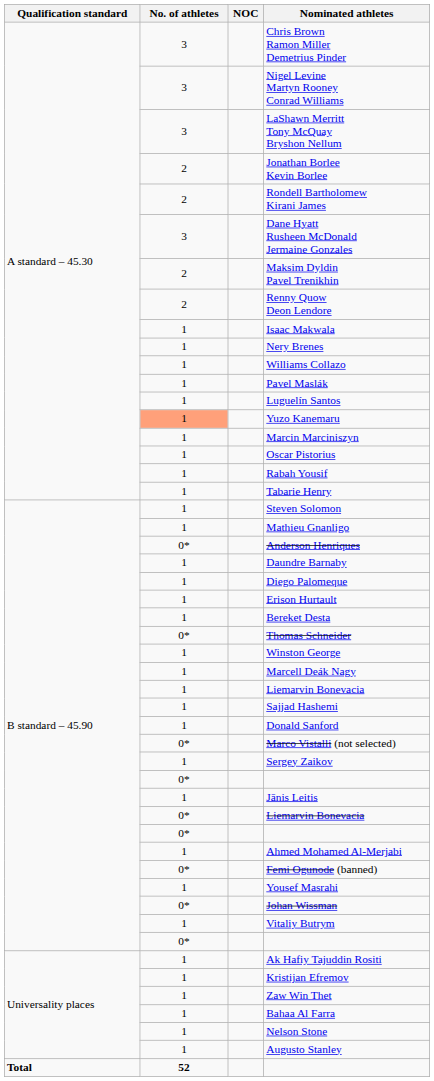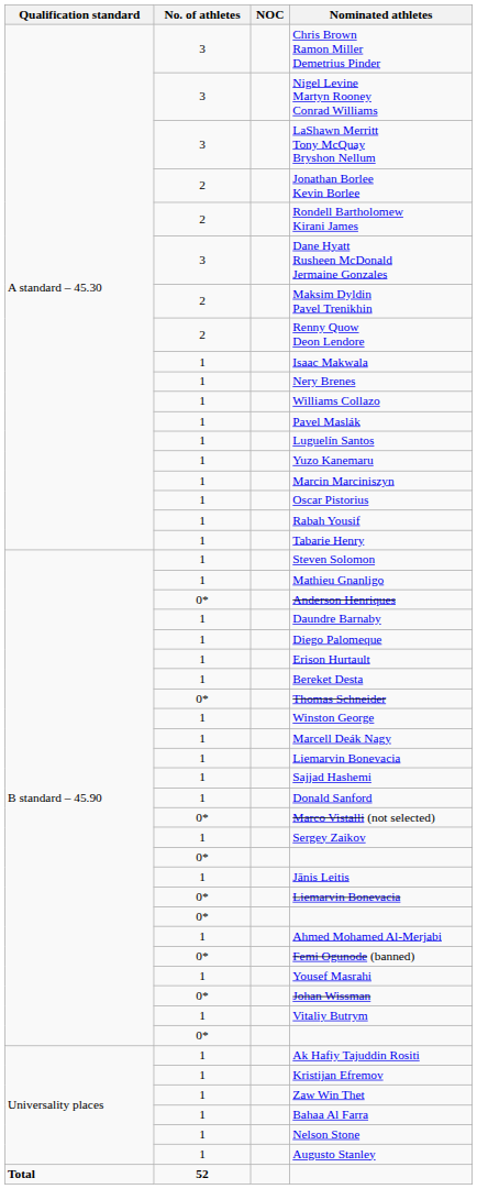 <table class="wikitable"  style="text-align:left; width:600px;">
 <tr>
 <th>Qualification standard</th>
 <th>No. of athletes</th>
 <th>NOC</th>
 <th>Nominated athletes</th>
 </tr>
 <tr>
 <td rowspan="18">A standard – 45.30</td>
 <td align=center>3</td>
 <td></td>
 <td><a href='#'>Chris Brown</a><br><a href='#'>Ramon Miller</a><br><a href='#'>Demetrius Pinder</a></td>
 </tr>
 <tr>
 <td align=center>3</td>
 <td></td>
 <td><a href='#'>Nigel Levine</a><br><a href='#'>Martyn Rooney</a><br><a href='#'>Conrad Williams</a></td>
 </tr>
 <tr>
 <td align=center>3</td>
 <td></td>
 <td><a href='#'>LaShawn Merritt</a> <br> <a href='#'>Tony McQuay</a> <br> <a href='#'>Bryshon Nellum</a></td>
 </tr>
 <tr>
 <td align=center>2</td>
 <td></td>
 <td><a href='#'>Jonathan Borlee</a><br><a href='#'>Kevin Borlee</a></td>
 </tr>
 <tr>
 <td align=center>2</td>
 <td></td>
 <td><a href='#'>Rondell Bartholomew</a><br><a href='#'>Kirani James</a></td>
 </tr>
 <tr>
 <td align=center>3</td>
 <td></td>
 <td><a href='#'>Dane Hyatt</a> <br> <a href='#'>Rusheen McDonald</a> <br> <a href='#'>Jermaine Gonzales</a></td>
 </tr>
 <tr>
 <td align=center>2</td>
 <td></td>
 <td><a href='#'>Maksim Dyldin</a><br><a href='#'>Pavel Trenikhin</a></td>
 </tr>
 <tr>
 <td align=center>2</td>
 <td></td>
 <td><a href='#'>Renny Quow</a><br><a href='#'>Deon Lendore</a></td>
 </tr>
 <tr>
 <td align=center>1</td>
 <td></td>
 <td><a href='#'>Isaac Makwala</a></td>
 </tr>
 <tr>
 <td align=center>1</td>
 <td></td>
 <td><a href='#'>Nery Brenes</a></td>
 </tr>
 <tr>
 <td align=center>1</td>
 <td></td>
 <td><a href='#'>Williams Collazo</a></td>
 </tr>
 <tr>
 <td align=center>1</td>
 <td></td>
 <td><a href='#'>Pavel Maslák</a></td>
 </tr>
 <tr>
 <td align=center>1</td>
 <td></td>
 <td><a href='#'>Luguelín Santos</a></td>
 </tr>
 <tr>
-<td align=center style="background: lightsalmon;">1</td>
+<td align=center>1</td>
 <td></td>
 <td><a href='#'>Yuzo Kanemaru</a></td>
 </tr>
 <tr>
 <td align=center>1</td>
 <td></td>
 <td><a href='#'>Marcin Marciniszyn</a></td>
 </tr>
 <tr>
 <td align=center>1</td>
 <td></td>
 <td><a href='#'>Oscar Pistorius</a></td>
 </tr>
 <tr>
 <td align=center>1</td>
 <td></td>
 <td><a href='#'>Rabah Yousif</a></td>
 </tr>
 <tr>
 <td align=center>1</td>
 <td></td>
 <td><a href='#'>Tabarie Henry</a></td>
 </tr>
 <tr>
 <td rowspan="25">B standard – 45.90</td>
 <td align=center>1</td>
 <td></td>
 <td><a href='#'>Steven Solomon</a></td>
 </tr>
 <tr>
 <td align=center>1</td>
 <td></td>
 <td><a href='#'>Mathieu Gnanligo</a></td>
 </tr>
 <tr>
 <td align=center>0*</td>
 <td></td>
 <td><s><a href='#'>Anderson Henriques</a></s></td>
 </tr>
 <tr>
 <td align=center>1</td>
 <td></td>
 <td><a href='#'>Daundre Barnaby</a></td>
 </tr>
 <tr>
 <td align=center>1</td>
 <td></td>
 <td><a href='#'>Diego Palomeque</a></td>
 </tr>
 <tr>
 <td align=center>1</td>
 <td></td>
 <td><a href='#'>Erison Hurtault</a></td>
 </tr>
 <tr>
 <td align=center>1</td>
 <td></td>
 <td><a href='#'>Bereket Desta</a></td>
 </tr>
 <tr>
 <td align=center>0*</td>
 <td></td>
 <td><s><a href='#'>Thomas Schneider</a></s></td>
 </tr>
 <tr>
 <td align=center>1</td>
 <td></td>
 <td><a href='#'>Winston George</a></td>
 </tr>
 <tr>
 <td align=center>1</td>
 <td></td>
 <td><a href='#'>Marcell Deák Nagy</a></td>
 </tr>
 <tr>
 <td align=center>1</td>
 <td></td>
 <td><a href='#'>Liemarvin Bonevacia</a></td>
 </tr>
 <tr>
 <td align=center>1</td>
 <td></td>
 <td><a href='#'>Sajjad Hashemi</a></td>
 </tr>
 <tr>
 <td align=center>1</td>
 <td></td>
 <td><a href='#'>Donald Sanford</a></td>
 </tr>
 <tr>
 <td align=center>0*</td>
 <td></td>
 <td><s><a href='#'>Marco Vistalli</a></s> (not selected)</td>
 </tr>
 <tr>
 <td align=center>1</td>
 <td></td>
 <td><a href='#'>Sergey Zaikov</a></td>
 </tr>
 <tr>
 <td align=center>0*</td>
 <td></td>
 <td></td>
 </tr>
 <tr>
 <td align=center>1</td>
 <td></td>
 <td><a href='#'>Jānis Leitis</a></td>
 </tr>
 <tr>
 <td align=center>0*</td>
 <td></td>
 <td><s><a href='#'>Liemarvin Bonevacia</a></s></td>
 </tr>
 <tr>
 <td align=center>0*</td>
 <td><s></s></td>
 <td></td>
 </tr>
 <tr>
 <td align=center>1</td>
 <td></td>
 <td><a href='#'>Ahmed Mohamed Al-Merjabi</a></td>
 </tr>
 <tr>
 <td align=center>0*</td>
 <td></td>
 <td><s><a href='#'>Femi Ogunode</a></s> (banned)</td>
 </tr>
 <tr>
 <td align=center>1</td>
 <td></td>
 <td><a href='#'>Yousef Masrahi</a></td>
 </tr>
 <tr>
 <td align=center>0*</td>
 <td></td>
 <td><s><a href='#'>Johan Wissman</a></s></td>
 </tr>
 <tr>
 <td align=center>1</td>
 <td></td>
 <td><a href='#'>Vitaliy Butrym</a></td>
 </tr>
 <tr>
 <td align=center>0*</td>
 <td><s></s></td>
 </tr>
 <tr>
 <td rowspan="6">Universality places</td>
 <td align=center>1</td>
 <td></td>
 <td><a href='#'>Ak Hafiy Tajuddin Rositi</a></td>
 </tr>
 <tr>
 <td align=center>1</td>
 <td></td>
 <td><a href='#'>Kristijan Efremov</a></td>
 </tr>
 <tr>
 <td align=center>1</td>
 <td></td>
 <td><a href='#'>Zaw Win Thet</a></td>
 </tr>
 <tr>
 <td align=center>1</td>
 <td></td>
 <td><a href='#'>Bahaa Al Farra</a></td>
 </tr>
 <tr>
 <td align=center>1</td>
 <td></td>
 <td><a href='#'>Nelson Stone</a></td>
 </tr>
 <tr>
 <td align=center>1</td>
 <td></td>
 <td><a href='#'>Augusto Stanley</a></td>
 </tr>
 <tr>
 <td><strong>Total</strong></td>
 <td align=center><strong>52</strong></td>
 <td></td>
 <td></td>
 </tr>
 </table>
